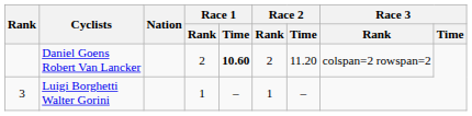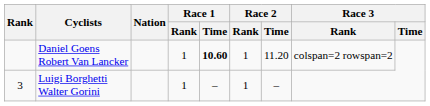 <table class="wikitable sortable" style="text-align:center">
 <tr>
 <th rowspan=2>Rank</th>
 <th rowspan=2>Cyclists</th>
 <th rowspan=2>Nation</th>
 <th colspan=2>Race 1</th>
 <th colspan=2>Race 2</th>
 <th colspan=2>Race 3</th>
 </tr>
 <tr>
 <th>Rank</th>
 <th>Time</th>
 <th>Rank</th>
 <th>Time</th>
 <th>Rank</th>
 <th>Time</th>
 </tr>
 <tr>
 <td></td>
 <td align=left><a href='#'>Daniel Goens</a><br><a href='#'>Robert Van Lancker</a></td>
 <td align=left></td>
-<td>2</td>
+<td>1</td>
 <td><strong>10.60</strong></td>
-<td>2</td>
+<td>1</td>
 <td>11.20</td>
 <td>colspan=2 rowspan=2 </td>
 </tr>
 <tr>
 <td>3</td>
 <td align=left><a href='#'>Luigi Borghetti</a><br><a href='#'>Walter Gorini</a></td>
 <td align=left></td>
 <td>1</td>
 <td>–</td>
 <td>1</td>
 <td>–</td>
 </tr>
 </table>
